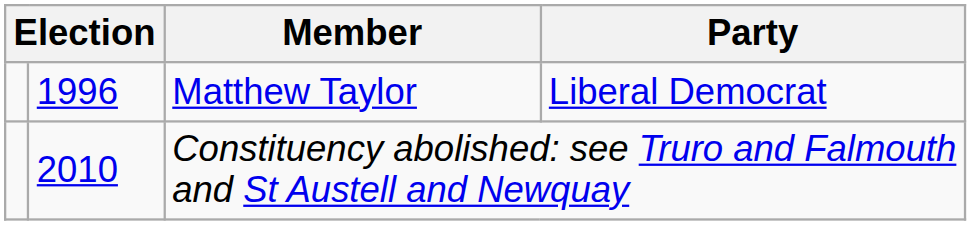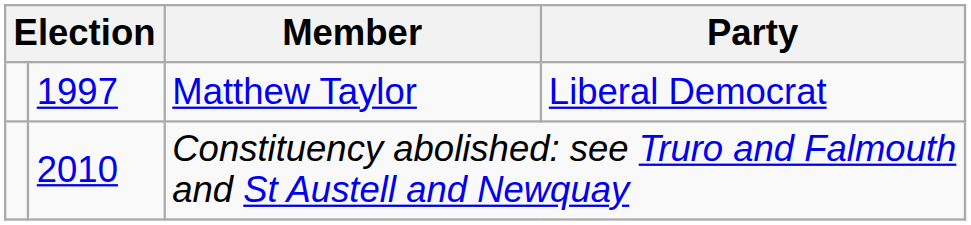 <table class="wikitable">
 <tr>
 <th colspan="2">Election</th>
 <th>Member</th>
 <th>Party</th>
 </tr>
 <tr>
 <td style="color:inherit;background-color: "></td>
-<td><a href='#'>1996</a></td>
+<td><a href='#'>1997</a></td>
 <td><a href='#'>Matthew Taylor</a></td>
 <td><a href='#'>Liberal Democrat</a></td>
 </tr>
 <tr>
 <td></td>
 <td><a href='#'>2010</a></td>
 <td colspan="2"><em>Constituency abolished: see <a href='#'>Truro and Falmouth</a></em> <br> <em>and <a href='#'>St Austell and Newquay</a></em></td>
 </tr>
 </table>
